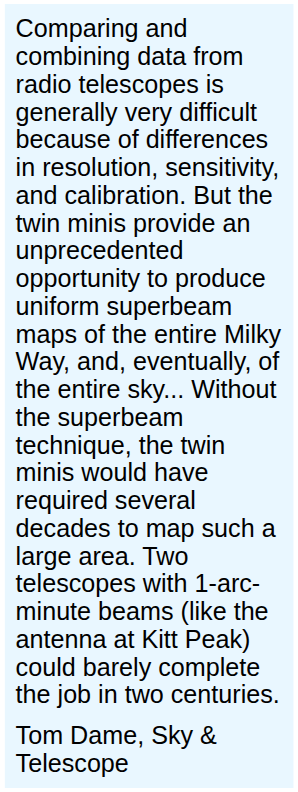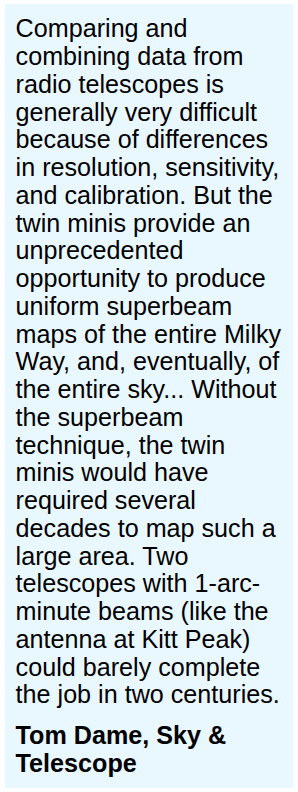 <table class="toccolours" style="float: right; margin-left: 1em; margin-right: 2em; font-size: 85%; background:#E9F7FF; color:black; width:28em; max-width: 25%;" cellspacing="5">
 <tr>
 <td style="text-align: left;">Comparing and combining data from radio telescopes is generally very difficult because of differences in resolution, sensitivity, and calibration. But the twin minis provide an unprecedented opportunity to produce uniform superbeam maps of the entire Milky Way, and, eventually, of the entire sky... Without the superbeam technique, the twin minis would have required several decades to map such a large area. Two telescopes with 1-arc-minute beams (like the antenna at Kitt Peak) could barely complete the job in two centuries.</td>
 </tr>
 <tr>
-<td style="text-align: left;">Tom Dame, Sky & Telescope</td>
+<td style="text-align: left;"><strong>Tom Dame, Sky & Telescope</strong></td>
 </tr>
 </table>
